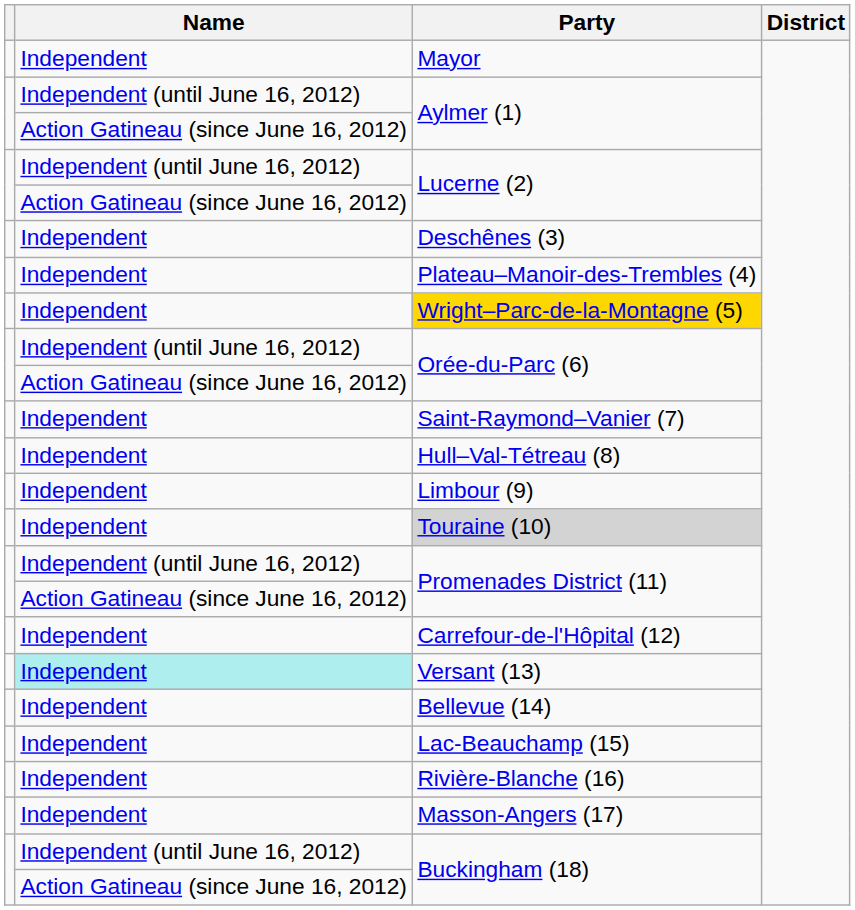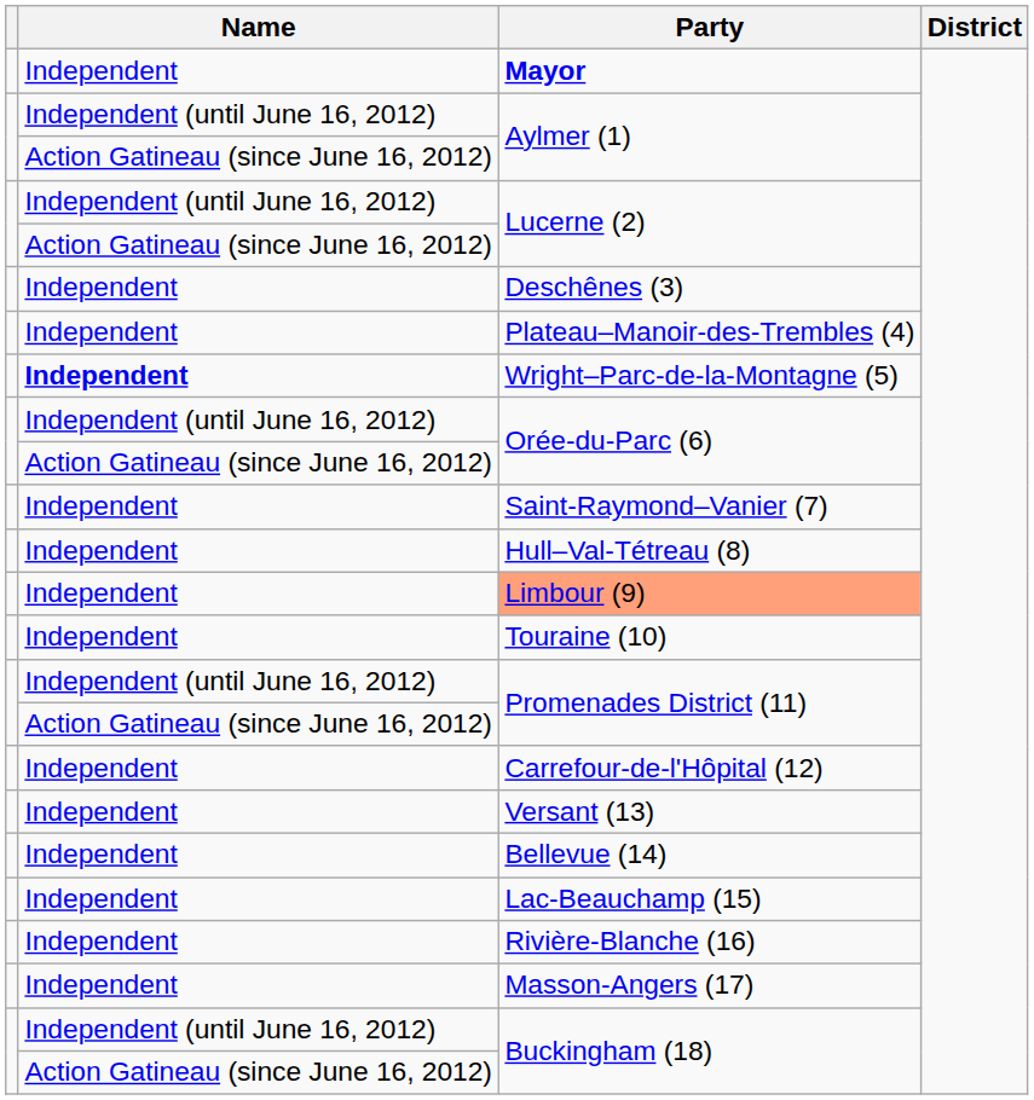 <table class="wikitable sortable">
 <tr>
 <th></th>
 <th>Name</th>
 <th>Party</th>
 <th>District</th>
 </tr>
 <tr>
 <td><strong></strong></td>
 <td><a href='#'>Independent</a></td>
-<td><a href='#'>Mayor</a></td>
+<td><strong><a href='#'>Mayor</a></strong></td>
 </tr>
 <tr>
 <td rowspan="2"></td>
 <td><a href='#'>Independent</a> (until June 16, 2012)</td>
 <td rowspan="2"><a href='#'>Aylmer</a> (1)</td>
 </tr>
 <tr>
 <td><a href='#'>Action Gatineau</a> (since June 16, 2012)</td>
 </tr>
 <tr>
 <td rowspan="2"></td>
 <td><a href='#'>Independent</a> (until June 16, 2012)</td>
 <td rowspan="2"><a href='#'>Lucerne</a> (2)</td>
 </tr>
 <tr>
 <td><a href='#'>Action Gatineau</a> (since June 16, 2012)</td>
 </tr>
 <tr>
 <td></td>
 <td><a href='#'>Independent</a></td>
 <td><a href='#'>Deschênes</a> (3)</td>
 </tr>
 <tr>
 <td></td>
 <td><a href='#'>Independent</a></td>
 <td><a href='#'>Plateau–Manoir-des-Trembles</a> (4)</td>
 </tr>
 <tr>
 <td></td>
-<td><a href='#'>Independent</a></td>
-<td style="background: gold;"><a href='#'>Wright–Parc-de-la-Montagne</a> (5)</td>
+<td><strong><a href='#'>Independent</a></strong></td>
+<td><a href='#'>Wright–Parc-de-la-Montagne</a> (5)</td>
 </tr>
 <tr>
 <td rowspan="2"></td>
 <td><a href='#'>Independent</a> (until June 16, 2012)</td>
 <td rowspan="2"><a href='#'>Orée-du-Parc</a> (6)</td>
 </tr>
 <tr>
 <td><a href='#'>Action Gatineau</a> (since June 16, 2012)</td>
 </tr>
 <tr>
 <td></td>
 <td><a href='#'>Independent</a></td>
 <td><a href='#'>Saint-Raymond–Vanier</a> (7)</td>
 </tr>
 <tr>
 <td></td>
 <td><a href='#'>Independent</a></td>
 <td><a href='#'>Hull–Val-Tétreau</a> (8)</td>
 </tr>
 <tr>
 <td></td>
 <td><a href='#'>Independent</a></td>
-<td><a href='#'>Limbour</a> (9)</td>
+<td style="background: lightsalmon;"><a href='#'>Limbour</a> (9)</td>
 </tr>
 <tr>
 <td></td>
 <td><a href='#'>Independent</a></td>
-<td style="background: lightgrey;"><a href='#'>Touraine</a> (10)</td>
+<td><a href='#'>Touraine</a> (10)</td>
 </tr>
 <tr>
 <td rowspan="2"></td>
 <td><a href='#'>Independent</a> (until June 16, 2012)</td>
 <td rowspan="2"><a href='#'>Promenades District</a> (11)</td>
 </tr>
 <tr>
 <td><a href='#'>Action Gatineau</a> (since June 16, 2012)</td>
 </tr>
 <tr>
 <td></td>
 <td><a href='#'>Independent</a></td>
 <td><a href='#'>Carrefour-de-l'Hôpital</a> (12)</td>
 </tr>
 <tr>
 <td></td>
-<td style="background: paleturquoise;"><a href='#'>Independent</a></td>
+<td><a href='#'>Independent</a></td>
 <td><a href='#'>Versant</a> (13)</td>
 </tr>
 <tr>
 <td></td>
 <td><a href='#'>Independent</a></td>
 <td><a href='#'>Bellevue</a> (14)</td>
 </tr>
 <tr>
 <td></td>
 <td><a href='#'>Independent</a></td>
 <td><a href='#'>Lac-Beauchamp</a> (15)</td>
 </tr>
 <tr>
 <td></td>
 <td><a href='#'>Independent</a></td>
 <td><a href='#'>Rivière-Blanche</a> (16)</td>
 </tr>
 <tr>
 <td></td>
 <td><a href='#'>Independent</a></td>
 <td><a href='#'>Masson-Angers</a> (17)</td>
 </tr>
 <tr>
 <td rowspan="2"></td>
 <td><a href='#'>Independent</a> (until June 16, 2012)</td>
 <td rowspan="2"><a href='#'>Buckingham</a> (18)</td>
 </tr>
 <tr>
 <td><a href='#'>Action Gatineau</a> (since June 16, 2012)</td>
 </tr>
 </table>
